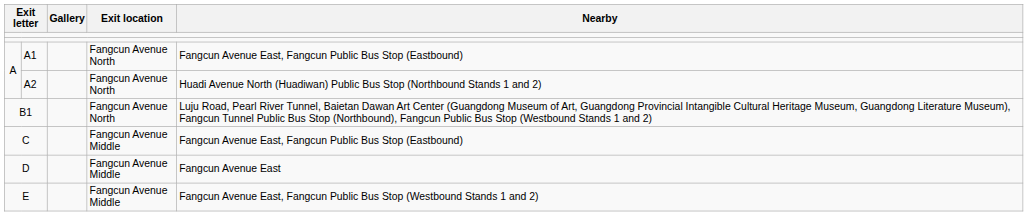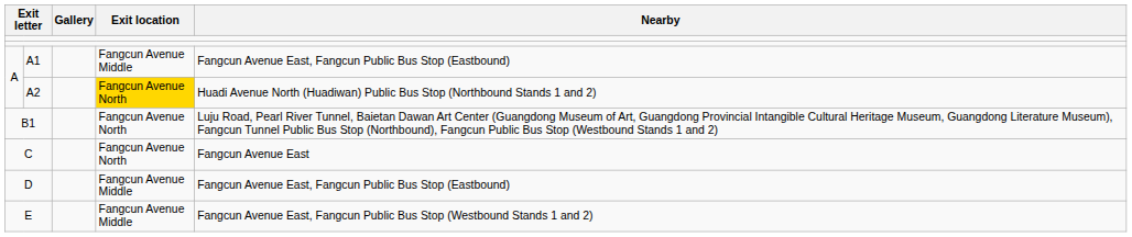 <table class="wikitable">
 <tr>
 <th style="width:70px" colspan="2">Exit letter</th>
 <th>Gallery</th>
 <th>Exit location</th>
 <th>Nearby</th>
 </tr>
 <tr style="background:#">
 <td colspan = "6"></td>
 </tr>
 <tr style="background:#">
 <td colspan = "6"></td>
 </tr>
 <tr>
 <td align="center" rowspan="2">A</td>
 <td>A1</td>
 <td></td>
-<td>Fangcun Avenue North</td>
+<td>Fangcun Avenue Middle</td>
 <td>Fangcun Avenue East, Fangcun Public Bus Stop (Eastbound)</td>
 </tr>
 <tr>
 <td>A2</td>
 <td></td>
-<td>Fangcun Avenue North</td>
+<td style="background: gold;">Fangcun Avenue North</td>
 <td>Huadi Avenue North (Huadiwan) Public Bus Stop (Northbound Stands 1 and 2)</td>
 </tr>
 <tr>
 <td align="center" colspan="2">B1</td>
 <td></td>
 <td>Fangcun Avenue North</td>
 <td>Luju Road, Pearl River Tunnel, Baietan Dawan Art Center (Guangdong Museum of Art, Guangdong Provincial Intangible Cultural Heritage Museum, Guangdong Literature Museum), Fangcun Tunnel Public Bus Stop (Northbound), Fangcun Public Bus Stop (Westbound Stands 1 and 2)</td>
 </tr>
 <tr>
 <td align="center" colspan="2">C</td>
 <td></td>
-<td>Fangcun Avenue Middle</td>
-<td>Fangcun Avenue East, Fangcun Public Bus Stop (Eastbound)</td>
+<td>Fangcun Avenue North</td>
+<td>Fangcun Avenue East</td>
 </tr>
 <tr>
 <td align="center" colspan="2">D</td>
 <td><br></td>
 <td>Fangcun Avenue Middle</td>
-<td>Fangcun Avenue East</td>
+<td>Fangcun Avenue East, Fangcun Public Bus Stop (Eastbound)</td>
 </tr>
 <tr>
 <td align="center" colspan="2">E</td>
 <td></td>
 <td>Fangcun Avenue Middle</td>
 <td>Fangcun Avenue East, Fangcun Public Bus Stop (Westbound Stands 1 and 2)</td>
 </tr>
 </table>
